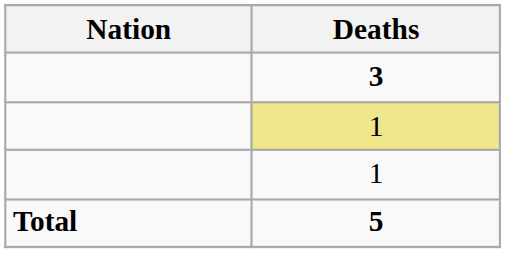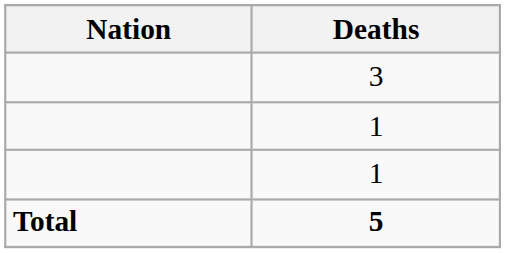 <table class="wikitable sortable floatright" style="font-size:85%; text-align:left; margin:0 0 1.5em 1.5em; width:230px">
 <tr>
 </tr>
 <tr>
 <th>Nation</th>
 <th data-sort-type="number">Deaths</th>
 </tr>
 <tr>
 <td></td>
-<td style="text-align:center;"><strong>3</strong></td>
+<td style="text-align:center;">3</td>
 </tr>
 <tr>
 <td></td>
-<td style="background: khaki; text-align:center;">1</td>
+<td style="text-align:center;">1</td>
 </tr>
 <tr>
 <td></td>
 <td style="text-align:center;">1</td>
 </tr>
 <tr>
 <td><strong>Total</strong></td>
 <td style="text-align:center;"><strong>5</strong></td>
 </tr>
 <tr>
 </tr>
 </table>
